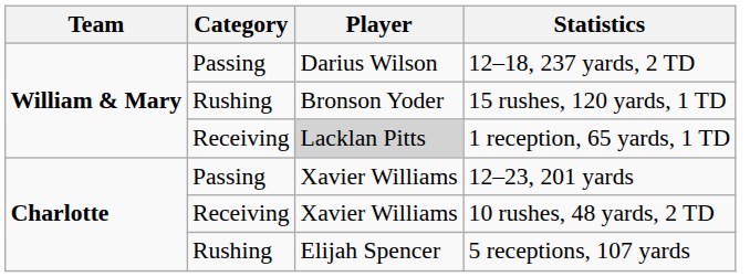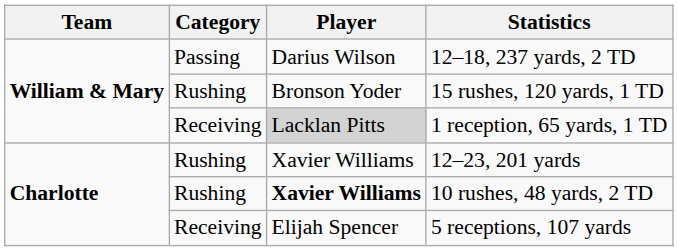 <table class="wikitable" style="float: left;">
 <tr>
 <th>Team</th>
 <th>Category</th>
 <th>Player</th>
 <th>Statistics</th>
 </tr>
 <tr>
 <td rowspan=3><strong>William & Mary</strong></td>
 <td>Passing</td>
 <td>Darius Wilson</td>
 <td>12–18, 237 yards, 2 TD</td>
 </tr>
 <tr>
 <td>Rushing</td>
 <td>Bronson Yoder</td>
 <td>15 rushes, 120 yards, 1 TD</td>
 </tr>
 <tr>
 <td>Receiving</td>
 <td style="background: lightgrey;">Lacklan Pitts</td>
 <td>1 reception, 65 yards, 1 TD</td>
 </tr>
 <tr>
 <td rowspan=3><strong>Charlotte</strong></td>
-<td>Passing</td>
+<td>Rushing</td>
 <td>Xavier Williams</td>
 <td>12–23, 201 yards</td>
 </tr>
 <tr>
-<td>Receiving</td>
-<td>Xavier Williams</td>
+<td>Rushing</td>
+<td><strong>Xavier Williams</strong></td>
 <td>10 rushes, 48 yards, 2 TD</td>
 </tr>
 <tr>
-<td>Rushing</td>
+<td>Receiving</td>
 <td>Elijah Spencer</td>
 <td>5 receptions, 107 yards</td>
 </tr>
 </table>
